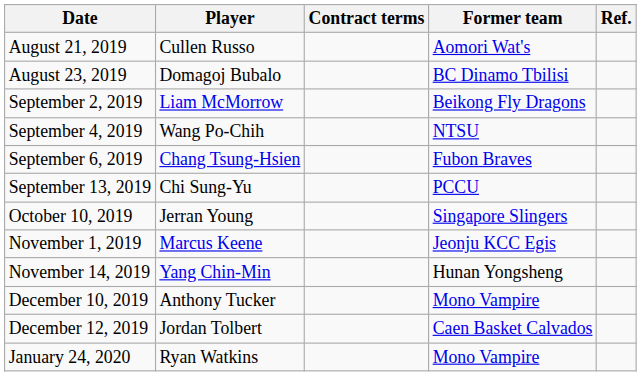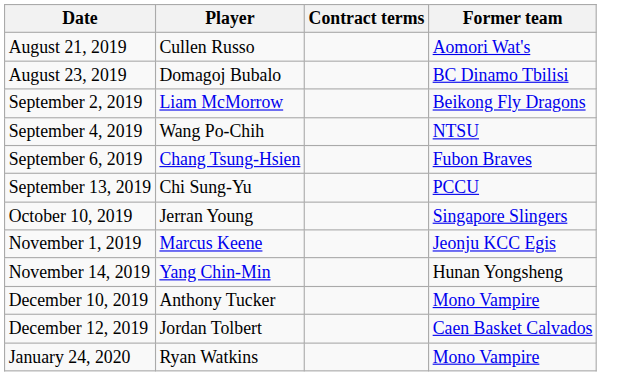 <table class="wikitable sortable sortable" style="text-align: left">
 <tr>
 <th>Date</th>
 <th>Player</th>
 <th>Contract terms</th>
 <th>Former team</th>
-<th>Ref.</th>
 </tr>
 <tr>
 <td>August 21, 2019</td>
 <td>Cullen Russo</td>
 <td></td>
 <td><a href='#'>Aomori Wat's</a></td>
-<td></td>
 </tr>
 <tr>
 <td>August 23, 2019</td>
 <td>Domagoj Bubalo</td>
 <td></td>
 <td><a href='#'>BC Dinamo Tbilisi</a></td>
-<td></td>
 </tr>
 <tr>
 <td>September 2, 2019</td>
 <td><a href='#'>Liam McMorrow</a></td>
 <td></td>
 <td><a href='#'>Beikong Fly Dragons</a></td>
-<td></td>
 </tr>
 <tr>
 <td>September 4, 2019</td>
 <td>Wang Po-Chih</td>
 <td></td>
 <td><a href='#'>NTSU</a></td>
-<td></td>
 </tr>
 <tr>
 <td>September 6, 2019</td>
 <td><a href='#'>Chang Tsung-Hsien</a></td>
 <td></td>
 <td><a href='#'>Fubon Braves</a></td>
-<td></td>
 </tr>
 <tr>
 <td>September 13, 2019</td>
 <td>Chi Sung-Yu</td>
 <td></td>
 <td><a href='#'>PCCU</a></td>
-<td></td>
 </tr>
 <tr>
 <td>October 10, 2019</td>
 <td>Jerran Young</td>
 <td></td>
 <td><a href='#'>Singapore Slingers</a></td>
-<td></td>
 </tr>
 <tr>
 <td>November 1, 2019</td>
 <td><a href='#'>Marcus Keene</a></td>
 <td></td>
 <td><a href='#'>Jeonju KCC Egis</a></td>
-<td></td>
 </tr>
 <tr>
 <td>November 14, 2019</td>
 <td><a href='#'>Yang Chin-Min</a></td>
 <td></td>
 <td>Hunan Yongsheng</td>
-<td></td>
 </tr>
 <tr>
 <td>December 10, 2019</td>
 <td>Anthony Tucker</td>
 <td></td>
 <td><a href='#'>Mono Vampire</a></td>
-<td></td>
 </tr>
 <tr>
 <td>December 12, 2019</td>
 <td>Jordan Tolbert</td>
 <td></td>
 <td><a href='#'>Caen Basket Calvados</a></td>
-<td></td>
 </tr>
 <tr>
 <td>January 24, 2020</td>
 <td>Ryan Watkins</td>
 <td></td>
 <td><a href='#'>Mono Vampire</a></td>
-<td></td>
 </tr>
 </table>
